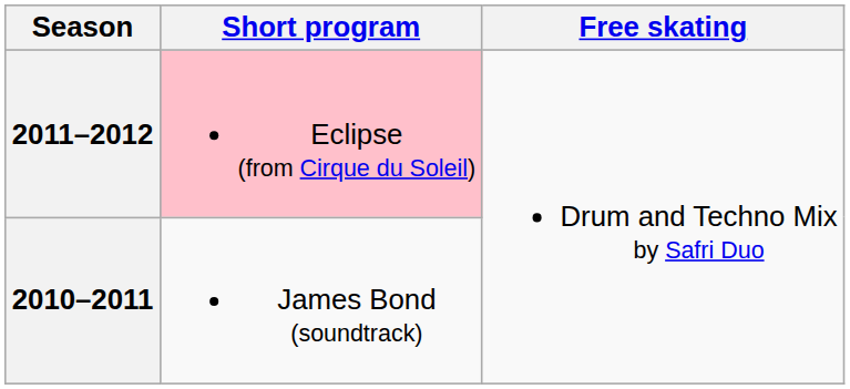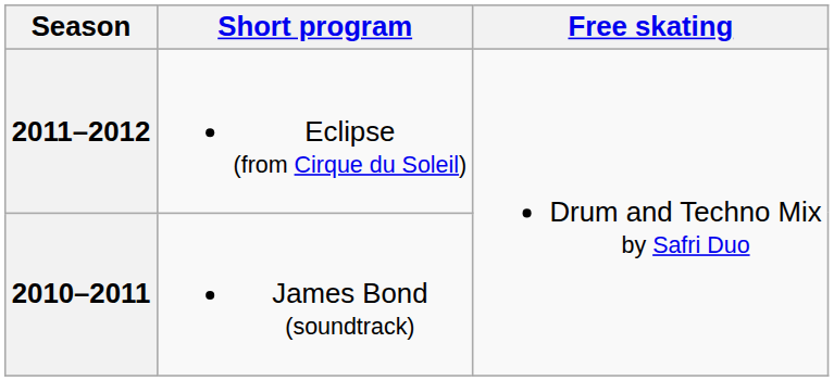 <table class="wikitable" style="text-align:center">
 <tr>
 <th>Season</th>
 <th><a href='#'>Short program</a></th>
 <th><a href='#'>Free skating</a></th>
 </tr>
 <tr>
 <th>2011–2012 <br> </th>
-<td style="background: pink;"><br><ul><li>Eclipse <br><small> (from <a href='#'>Cirque du Soleil</a>) </small></li></ul></td>
+<td><br><ul><li>Eclipse <br><small> (from <a href='#'>Cirque du Soleil</a>) </small></li></ul></td>
 <td rowspan=2><br><ul><li>Drum and Techno Mix <br><small> by <a href='#'>Safri Duo</a> </small></li></ul></td>
 </tr>
 <tr>
 <th>2010–2011 <br> </th>
 <td><br><ul><li>James Bond <br><small> (soundtrack) </small></li></ul></td>
 </tr>
 </table>
